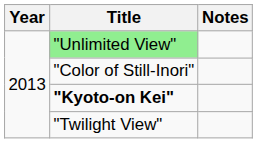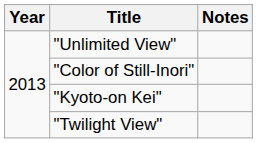 <table class="wikitable">
 <tr>
 <th>Year</th>
 <th>Title</th>
 <th>Notes</th>
 </tr>
 <tr>
 <td rowspan="4">2013</td>
-<td style="background: lightgreen;">"Unlimited View"</td>
+<td>"Unlimited View"</td>
 <td></td>
 </tr>
 <tr>
 <td>"Color of Still-Inori"</td>
 <td></td>
 </tr>
 <tr>
-<td><strong>"Kyoto-on Kei"</strong></td>
+<td>"Kyoto-on Kei"</td>
 <td></td>
 </tr>
 <tr>
 <td>"Twilight View"</td>
 <td></td>
 </tr>
 </table>
